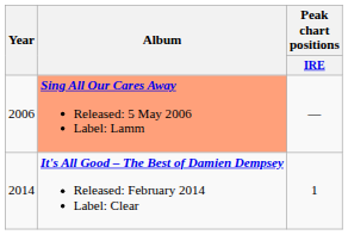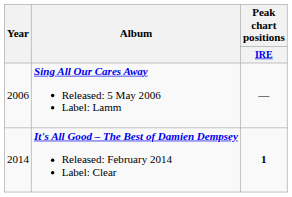 <table class="wikitable">
 <tr>
 <th scope="col" rowspan="2">Year</th>
 <th scope="col" rowspan="2">Album</th>
 <th scope="col" colspan="1">Peak chart positions</th>
 </tr>
 <tr>
 <th scope="col" style="width:3em; font-size:90%"><a href='#'>IRE</a><br></th>
 </tr>
 <tr>
 <td align=center>2006</td>
-<td style="background: lightsalmon;"><strong><em><a href='#'>Sing All Our Cares Away</a></em></strong><br><ul><li>Released: 5 May 2006</li><li>Label: Lamm</li></ul></td>
+<td><strong><em><a href='#'>Sing All Our Cares Away</a></em></strong><br><ul><li>Released: 5 May 2006</li><li>Label: Lamm</li></ul></td>
 <td align=center>—</td>
 </tr>
 <tr>
 <td align=center>2014</td>
 <td><strong><em><a href='#'>It's All Good – The Best of Damien Dempsey</a></em></strong><br><ul><li>Released: February 2014</li><li>Label: Clear</li></ul></td>
-<td align=center>1</td>
+<td align=center><strong>1</strong></td>
 </tr>
 </table>
